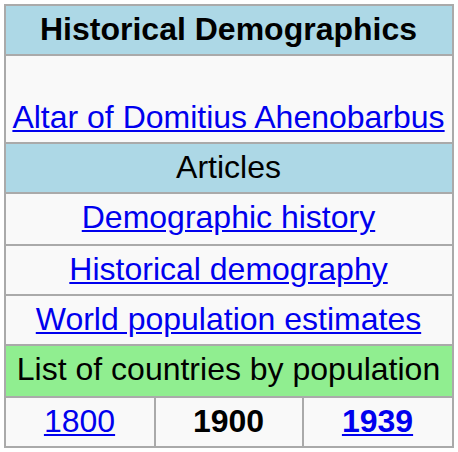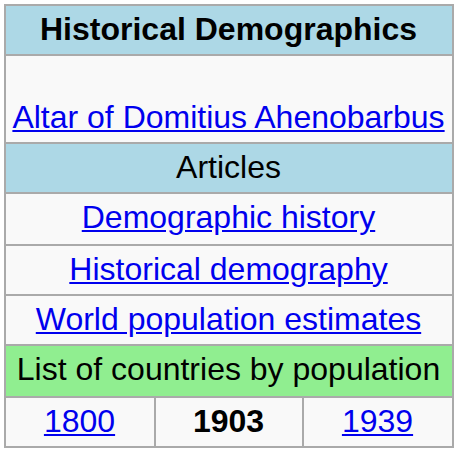 <table class="wikitable floatright">
 <tr>
 <th colspan="3" style="background:lightblue;width:200px;">Historical Demographics</th>
 </tr>
 <tr>
 <td colspan="3" style="text-align:center;"><br><a href='#'>Altar of Domitius Ahenobarbus</a></td>
 </tr>
 <tr>
 <td colspan="3" style="background:lightblue;text-align:center;">Articles</td>
 </tr>
 <tr>
 <td colspan="3" style="text-align:center;"><a href='#'>Demographic history</a></td>
 </tr>
 <tr>
 <td colspan="3" style="text-align:center;"><a href='#'>Historical demography</a></td>
 </tr>
 <tr>
 <td colspan="3" style="text-align:center;"><a href='#'>World population estimates</a></td>
 </tr>
 <tr>
 <td colspan="3" style="background:lightgreen;text-align:center;">List of countries by population</td>
 </tr>
 <tr>
 <td style="text-align:center;"><a href='#'>1800</a></td>
-<td style="text-align:center;"><strong>1900</strong></td>
-<td style="text-align:center;"><strong><a href='#'>1939</a></strong></td>
+<td style="text-align:center;"><strong>1903</strong></td>
+<td style="text-align:center;"><a href='#'>1939</a></td>
 </tr>
 </table>
